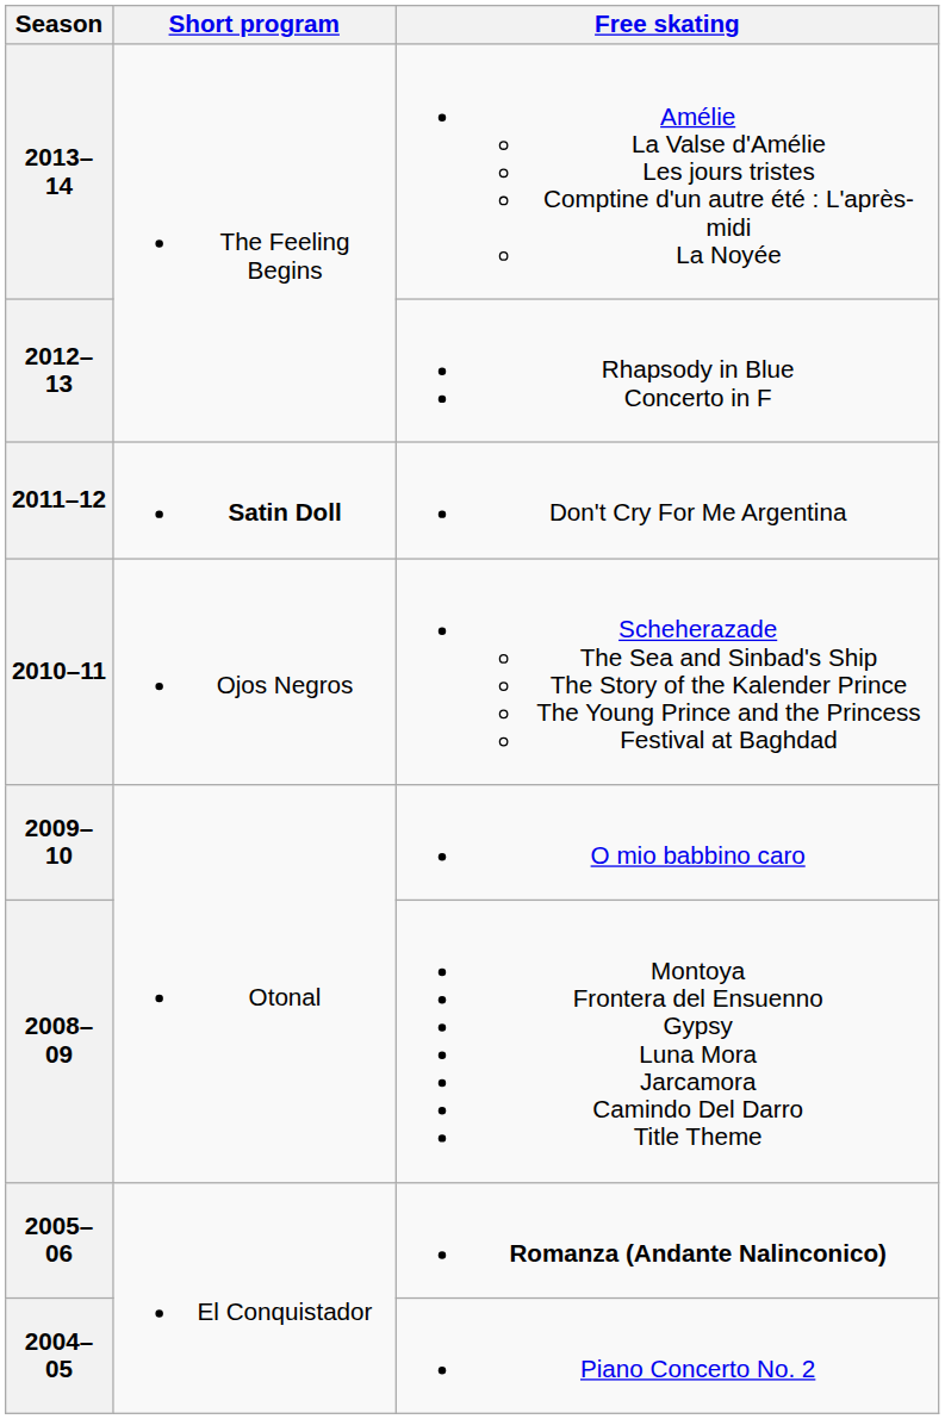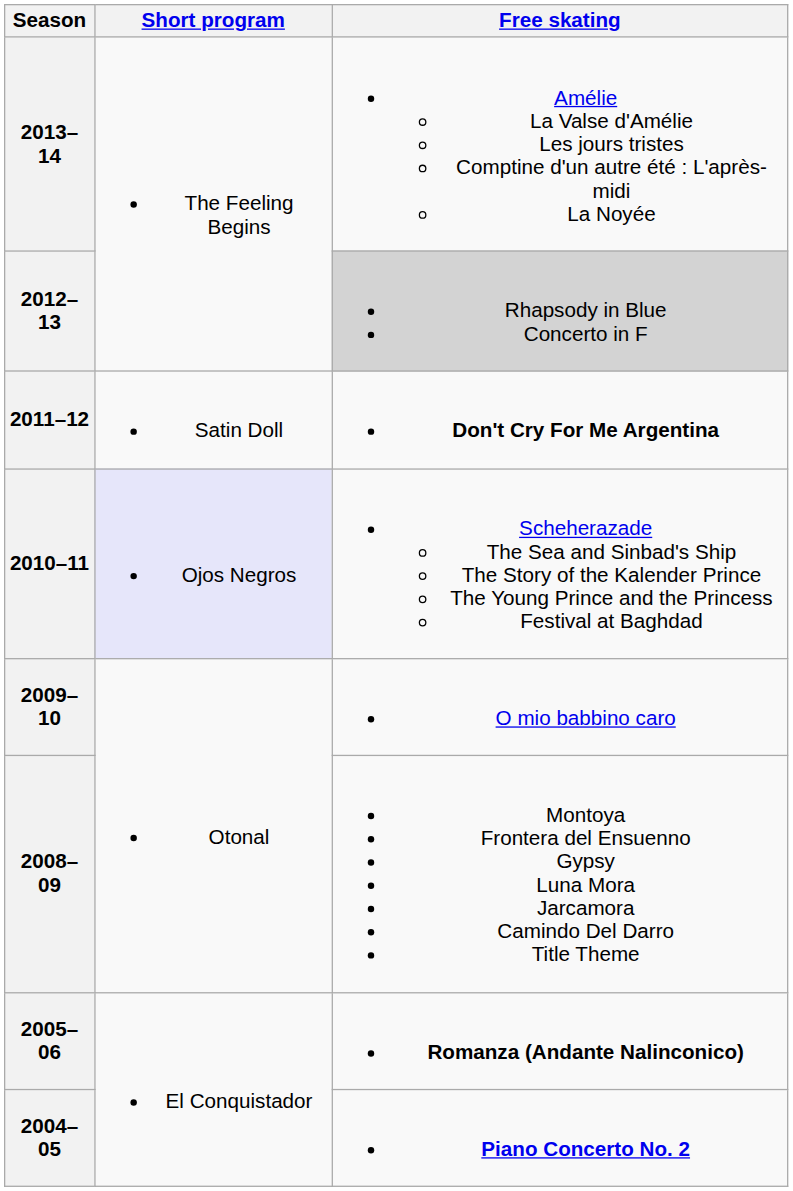 <table class="wikitable" style="text-align:center">
 <tr>
 <th>Season</th>
 <th><a href='#'>Short program</a></th>
 <th><a href='#'>Free skating</a></th>
 </tr>
 <tr>
 <th>2013–14 <br> </th>
 <td rowspan=2><br><ul><li>The Feeling Begins <br></li></ul></td>
 <td><br><ul><li><a href='#'>Amélie</a> <br><ul><li>La Valse d'Amélie</li><li>Les jours tristes</li><li>Comptine d'un autre été : L'après-midi</li><li>La Noyée</li></ul></li></ul></td>
 </tr>
 <tr>
 <th>2012–13 <br> </th>
-<td><br><ul><li>Rhapsody in Blue <br></li><li>Concerto in F <br></li></ul></td>
+<td style="background: lightgrey;"><br><ul><li>Rhapsody in Blue <br></li><li>Concerto in F <br></li></ul></td>
 </tr>
 <tr>
 <th>2011–12 <br> </th>
-<td><strong><br><ul><li>Satin Doll <br></li></ul></strong></td>
-<td><br><ul><li>Don't Cry For Me Argentina <br></li></ul></td>
+<td><br><ul><li>Satin Doll <br></li></ul></td>
+<td><strong><br><ul><li>Don't Cry For Me Argentina <br></li></ul></strong></td>
 </tr>
 <tr>
 <th>2010–11 <br> </th>
-<td><br><ul><li>Ojos Negros</li></ul></td>
+<td style="background: lavender;"><br><ul><li>Ojos Negros</li></ul></td>
 <td><br><ul><li><a href='#'>Scheherazade</a> <br><ul><li>The Sea and Sinbad's Ship</li><li>The Story of the Kalender Prince</li><li>The Young Prince and the Princess</li><li>Festival at Baghdad</li></ul></li></ul></td>
 </tr>
 <tr>
 <th>2009–10 <br> </th>
 <td rowspan=2><br><ul><li>Otonal <br></li></ul></td>
 <td><br><ul><li><a href='#'>O mio babbino caro</a> <br></li></ul></td>
 </tr>
 <tr>
 <th>2008–09 <br> </th>
 <td><br><ul><li>Montoya</li><li>Frontera del Ensuenno</li><li>Gypsy <br></li><li>Luna Mora <br></li><li>Jarcamora <br></li><li>Camindo Del Darro <br></li><li>Title Theme <br></li></ul></td>
 </tr>
 <tr>
 <th>2005–06 <br> </th>
 <td rowspan=2><br><ul><li>El Conquistador <br></li></ul></td>
 <td><strong><br><ul><li>Romanza (Andante Nalinconico) <br></li></ul></strong></td>
 </tr>
 <tr>
 <th>2004–05 <br> </th>
-<td><br><ul><li><a href='#'>Piano Concerto No. 2</a> <br></li></ul></td>
+<td><strong><br><ul><li><a href='#'>Piano Concerto No. 2</a> <br></li></ul></strong></td>
 </tr>
 </table>
